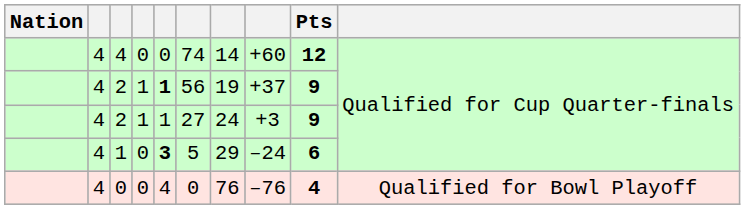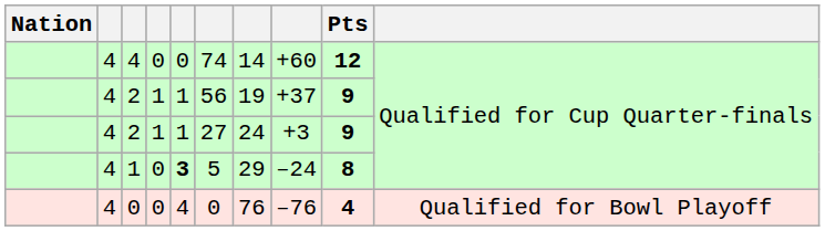 <table class="wikitable" style="text-align: center;">
 <tr>
 <th>Nation</th>
 <th></th>
 <th></th>
 <th></th>
 <th></th>
 <th></th>
 <th></th>
 <th></th>
 <th>Pts</th>
 <th></th>
 </tr>
 <tr bgcolor="#ccffcc">
 <td align="left"></td>
 <td>4</td>
 <td>4</td>
 <td>0</td>
 <td>0</td>
 <td>74</td>
 <td>14</td>
 <td>+60</td>
 <td><strong>12</strong></td>
 <td rowspan="4">Qualified for Cup Quarter-finals</td>
 </tr>
 <tr bgcolor="#ccffcc">
 <td align="left"></td>
 <td>4</td>
 <td>2</td>
 <td>1</td>
-<td><strong>1</strong></td>
+<td>1</td>
 <td>56</td>
 <td>19</td>
 <td>+37</td>
 <td><strong>9</strong></td>
 </tr>
 <tr bgcolor="#ccffcc">
 <td align="left"></td>
 <td>4</td>
 <td>2</td>
 <td>1</td>
 <td>1</td>
 <td>27</td>
 <td>24</td>
 <td>+3</td>
 <td><strong>9</strong></td>
 </tr>
 <tr bgcolor="#ccffcc">
 <td align="left"></td>
 <td>4</td>
 <td>1</td>
 <td>0</td>
 <td><strong>3</strong></td>
 <td>5</td>
 <td>29</td>
 <td>–24</td>
-<td><strong>6</strong></td>
+<td><strong>8</strong></td>
 </tr>
 <tr bgcolor="FFE4E1">
 <td align="left"></td>
 <td>4</td>
 <td>0</td>
 <td>0</td>
 <td>4</td>
 <td>0</td>
 <td>76</td>
 <td>–76</td>
 <td><strong>4</strong></td>
 <td>Qualified for Bowl Playoff</td>
 </tr>
 </table>
